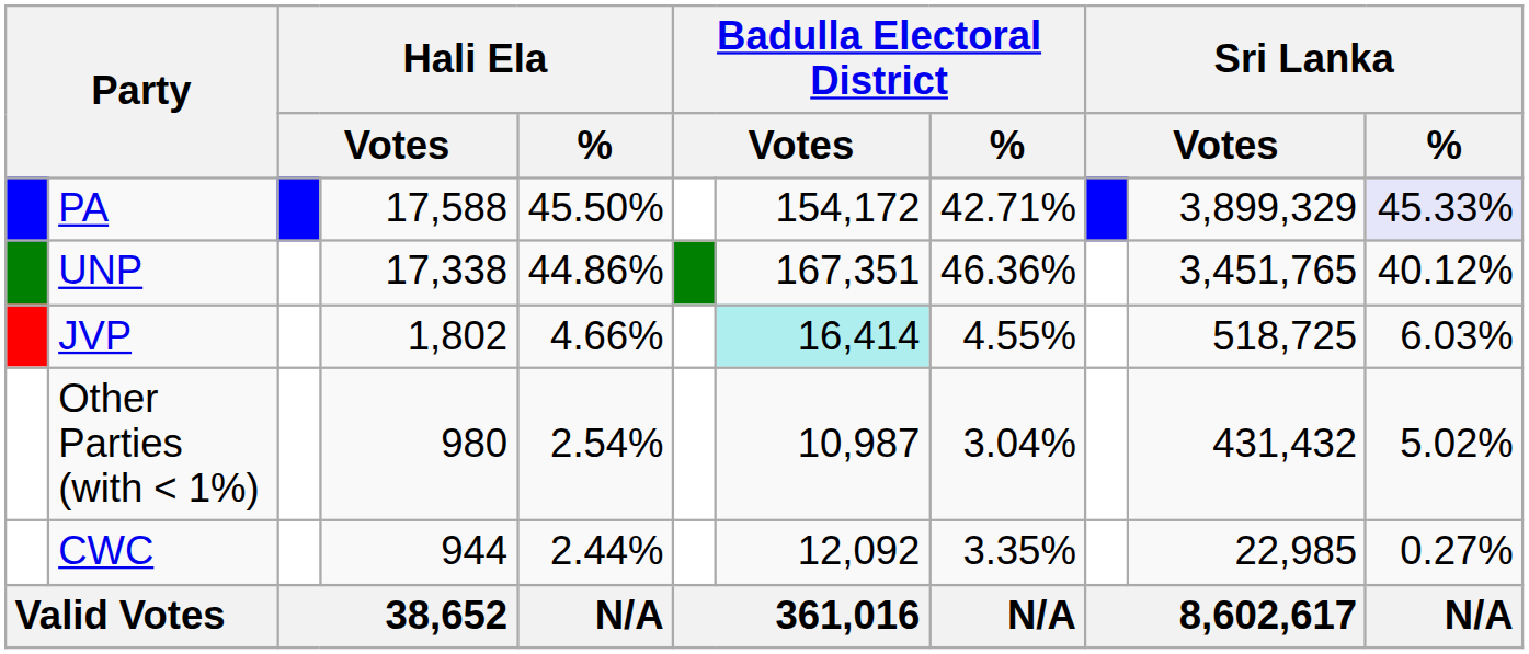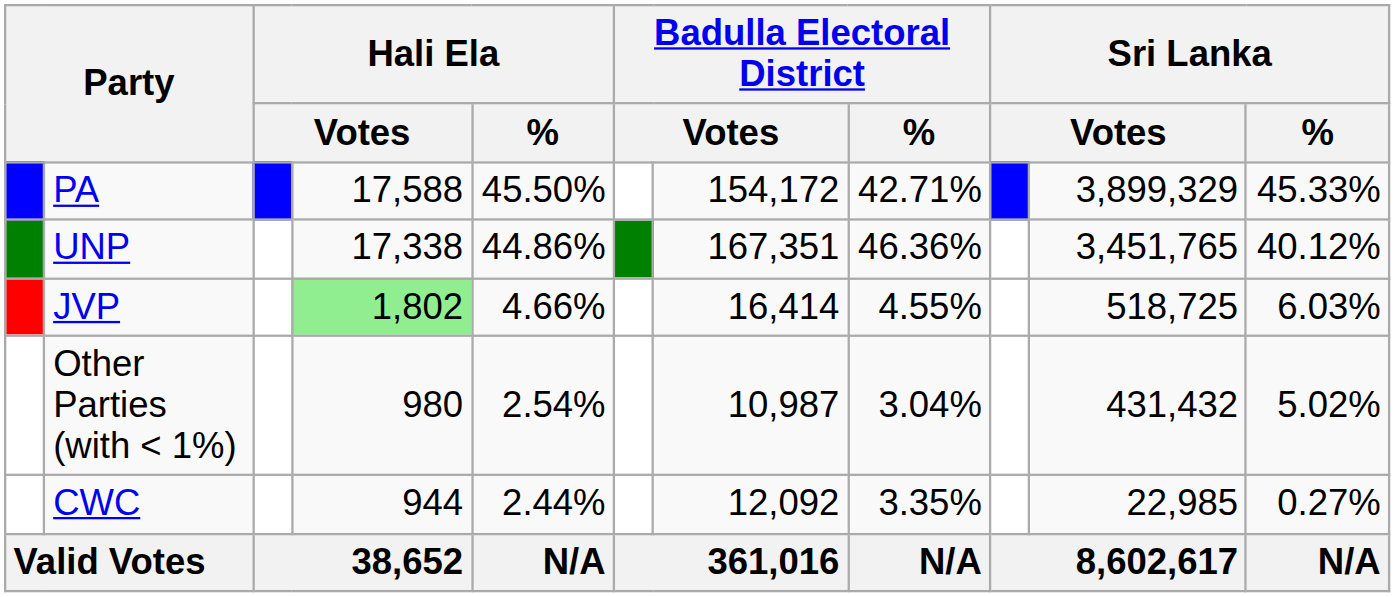 <table class="wikitable">
 <tr>
 <th colspan="2" width="144px"rowspan="2">Party</th>
 <th colspan="3" width="216px">Hali Ela</th>
 <th colspan="3" width="216px"><a href='#'>Badulla Electoral District</a></th>
 <th colspan="3" width="216px">Sri Lanka</th>
 </tr>
 <tr>
 <th colspan="2" width="144px">Votes</th>
 <th>%</th>
 <th colspan="2" width="144px">Votes</th>
 <th>%</th>
 <th colspan="2" width="144px">Votes</th>
 <th>%</th>
 </tr>
 <tr>
 <td style="background-color:blue;" width="10px"></td>
 <td style="text-align:left;"><a href='#'>PA</a></td>
 <td style="background-color:blue;" width="10px"></td>
 <td style="text-align:right;">17,588</td>
 <td style="text-align:right;">45.50%</td>
 <td style="background-color:white;" width="10px"></td>
 <td style="text-align:right;">154,172</td>
 <td style="text-align:right;">42.71%</td>
 <td style="background-color:blue;" width="10px"></td>
 <td style="text-align:right;">3,899,329</td>
-<td style="background: lavender; text-align:right;">45.33%</td>
+<td style="text-align:right;">45.33%</td>
 </tr>
 <tr>
 <td style="background-color:green;" width="10px"></td>
 <td style="text-align:left;"><a href='#'>UNP</a></td>
 <td style="background-color:white;" width="10px"></td>
 <td style="text-align:right;">17,338</td>
 <td style="text-align:right;">44.86%</td>
 <td style="background-color:green;" width="10px"></td>
 <td style="text-align:right;">167,351</td>
 <td style="text-align:right;">46.36%</td>
 <td style="background-color:white;" width="10px"></td>
 <td style="text-align:right;">3,451,765</td>
 <td style="text-align:right;">40.12%</td>
 </tr>
 <tr>
 <td style="background-color:red;" width="10px"></td>
 <td style="text-align:left;"><a href='#'>JVP</a></td>
 <td style="background-color:white;" width="10px"></td>
-<td style="text-align:right;">1,802</td>
+<td style="background: lightgreen; text-align:right;">1,802</td>
 <td style="text-align:right;">4.66%</td>
 <td style="background-color:white;" width="10px"></td>
-<td style="background: paleturquoise; text-align:right;">16,414</td>
+<td style="text-align:right;">16,414</td>
 <td style="text-align:right;">4.55%</td>
 <td style="background-color:white;" width="10px"></td>
 <td style="text-align:right;">518,725</td>
 <td style="text-align:right;">6.03%</td>
 </tr>
 <tr>
 <td style="background-color:white;" width="10px"></td>
 <td style="text-align:left;">Other Parties (with < 1%)</td>
 <td style="background-color:white;" width="10px"></td>
 <td style="text-align:right;">980</td>
 <td style="text-align:right;">2.54%</td>
 <td style="background-color:white;" width="10px"></td>
 <td style="text-align:right;">10,987</td>
 <td style="text-align:right;">3.04%</td>
 <td style="background-color:white;" width="10px"></td>
 <td style="text-align:right;">431,432</td>
 <td style="text-align:right;">5.02%</td>
 </tr>
 <tr>
 <td style="background-color:white;" width="10px"></td>
 <td style="text-align:left;"><a href='#'>CWC</a></td>
 <td style="background-color:white;" width="10px"></td>
 <td style="text-align:right;">944</td>
 <td style="text-align:right;">2.44%</td>
 <td style="background-color:white;" width="10px"></td>
 <td style="text-align:right;">12,092</td>
 <td style="text-align:right;">3.35%</td>
 <td style="background-color:white;" width="10px"></td>
 <td style="text-align:right;">22,985</td>
 <td style="text-align:right;">0.27%</td>
 </tr>
 <tr>
 <th colspan="2" width="144px"style="text-align:left;">Valid Votes</th>
 <th style="text-align:right;"colspan="2" width="144px">38,652</th>
 <th style="text-align:right;">N/A</th>
 <th style="text-align:right;"colspan="2" width="144px">361,016</th>
 <th style="text-align:right;">N/A</th>
 <th style="text-align:right;"colspan="2" width="144px">8,602,617</th>
 <th style="text-align:right;">N/A</th>
 </tr>
 </table>
